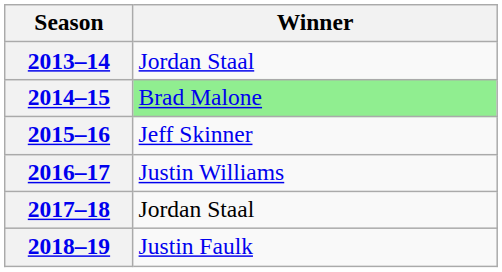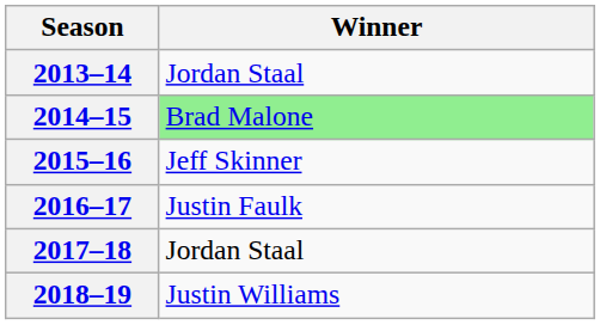 <table class="wikitable">
 <tr>
 <th scope="col" style="width:5em">Season</th>
 <th scope="col" style="width:15em">Winner</th>
 </tr>
 <tr>
 <th scope="row"><a href='#'>2013–14</a></th>
 <td><a href='#'>Jordan Staal</a></td>
 </tr>
 <tr>
 <th scope="row"><a href='#'>2014–15</a></th>
 <td style="background: lightgreen;"><a href='#'>Brad Malone</a></td>
 </tr>
 <tr>
 <th scope="row"><a href='#'>2015–16</a></th>
 <td><a href='#'>Jeff Skinner</a></td>
 </tr>
 <tr>
 <th scope="row"><a href='#'>2016–17</a></th>
-<td><a href='#'>Justin Williams</a></td>
+<td><a href='#'>Justin Faulk</a></td>
 </tr>
 <tr>
 <th scope="row"><a href='#'>2017–18</a></th>
 <td>Jordan Staal</td>
 </tr>
 <tr>
 <th scope="row"><a href='#'>2018–19</a></th>
-<td><a href='#'>Justin Faulk</a></td>
+<td><a href='#'>Justin Williams</a></td>
 </tr>
 </table>
